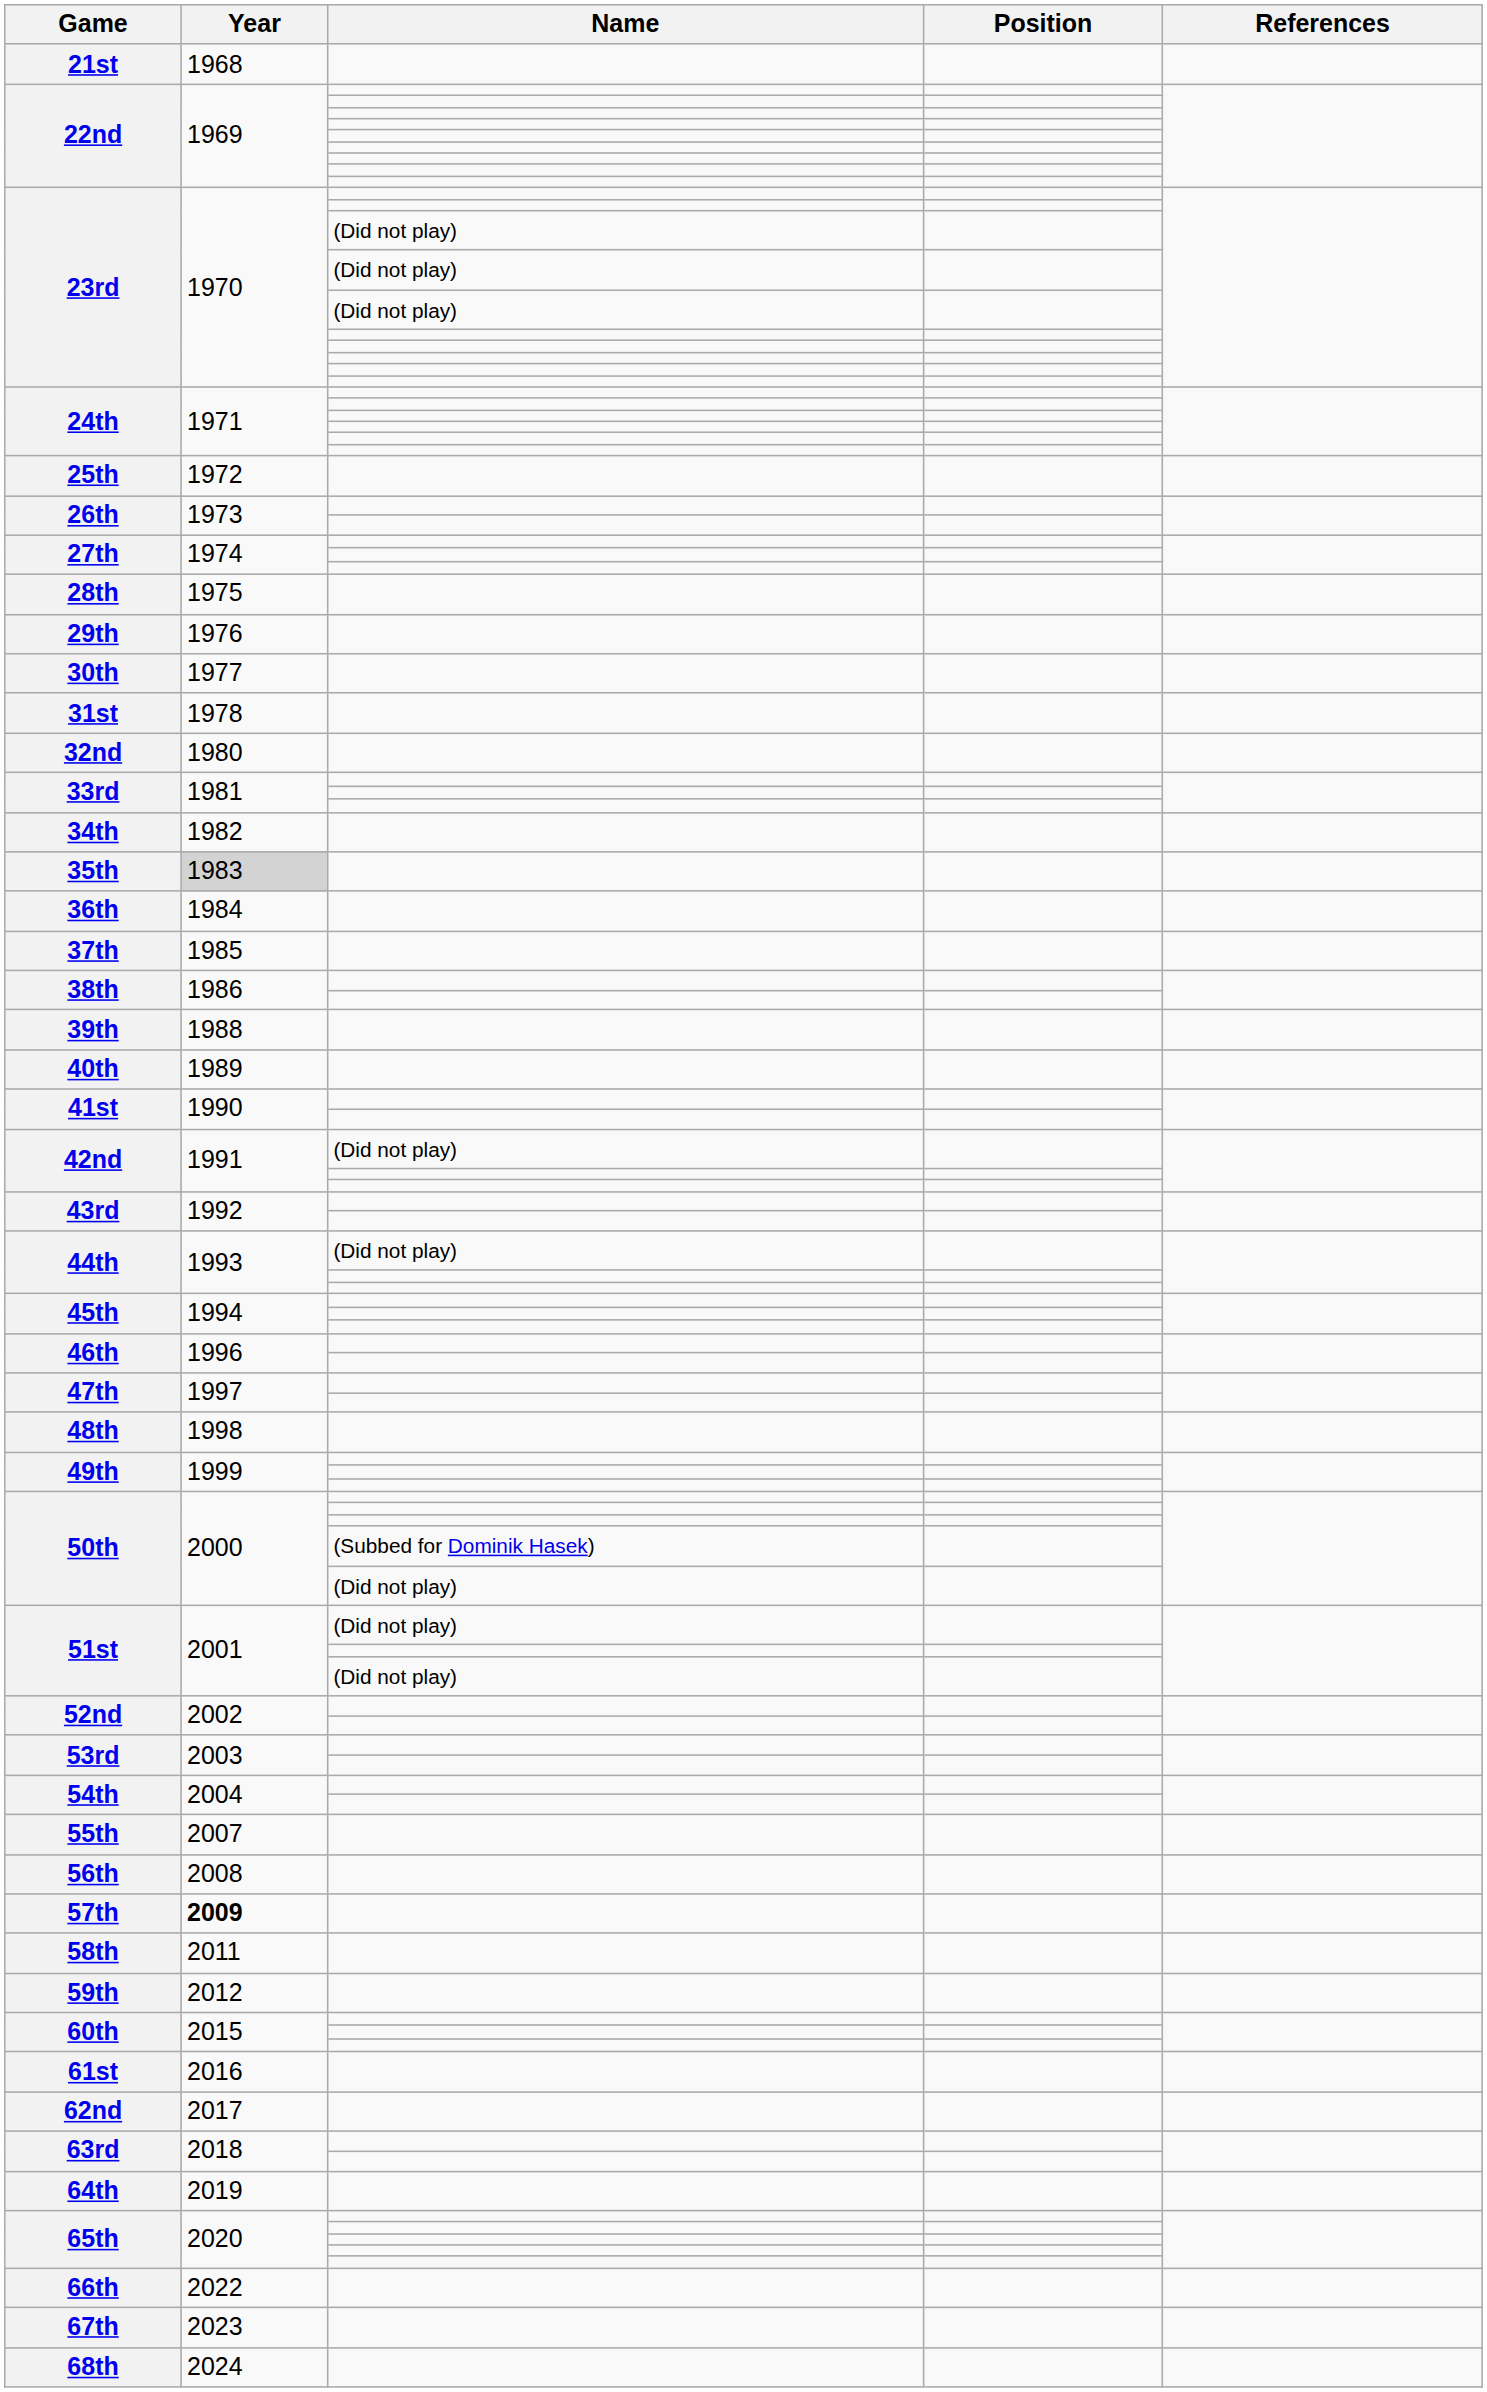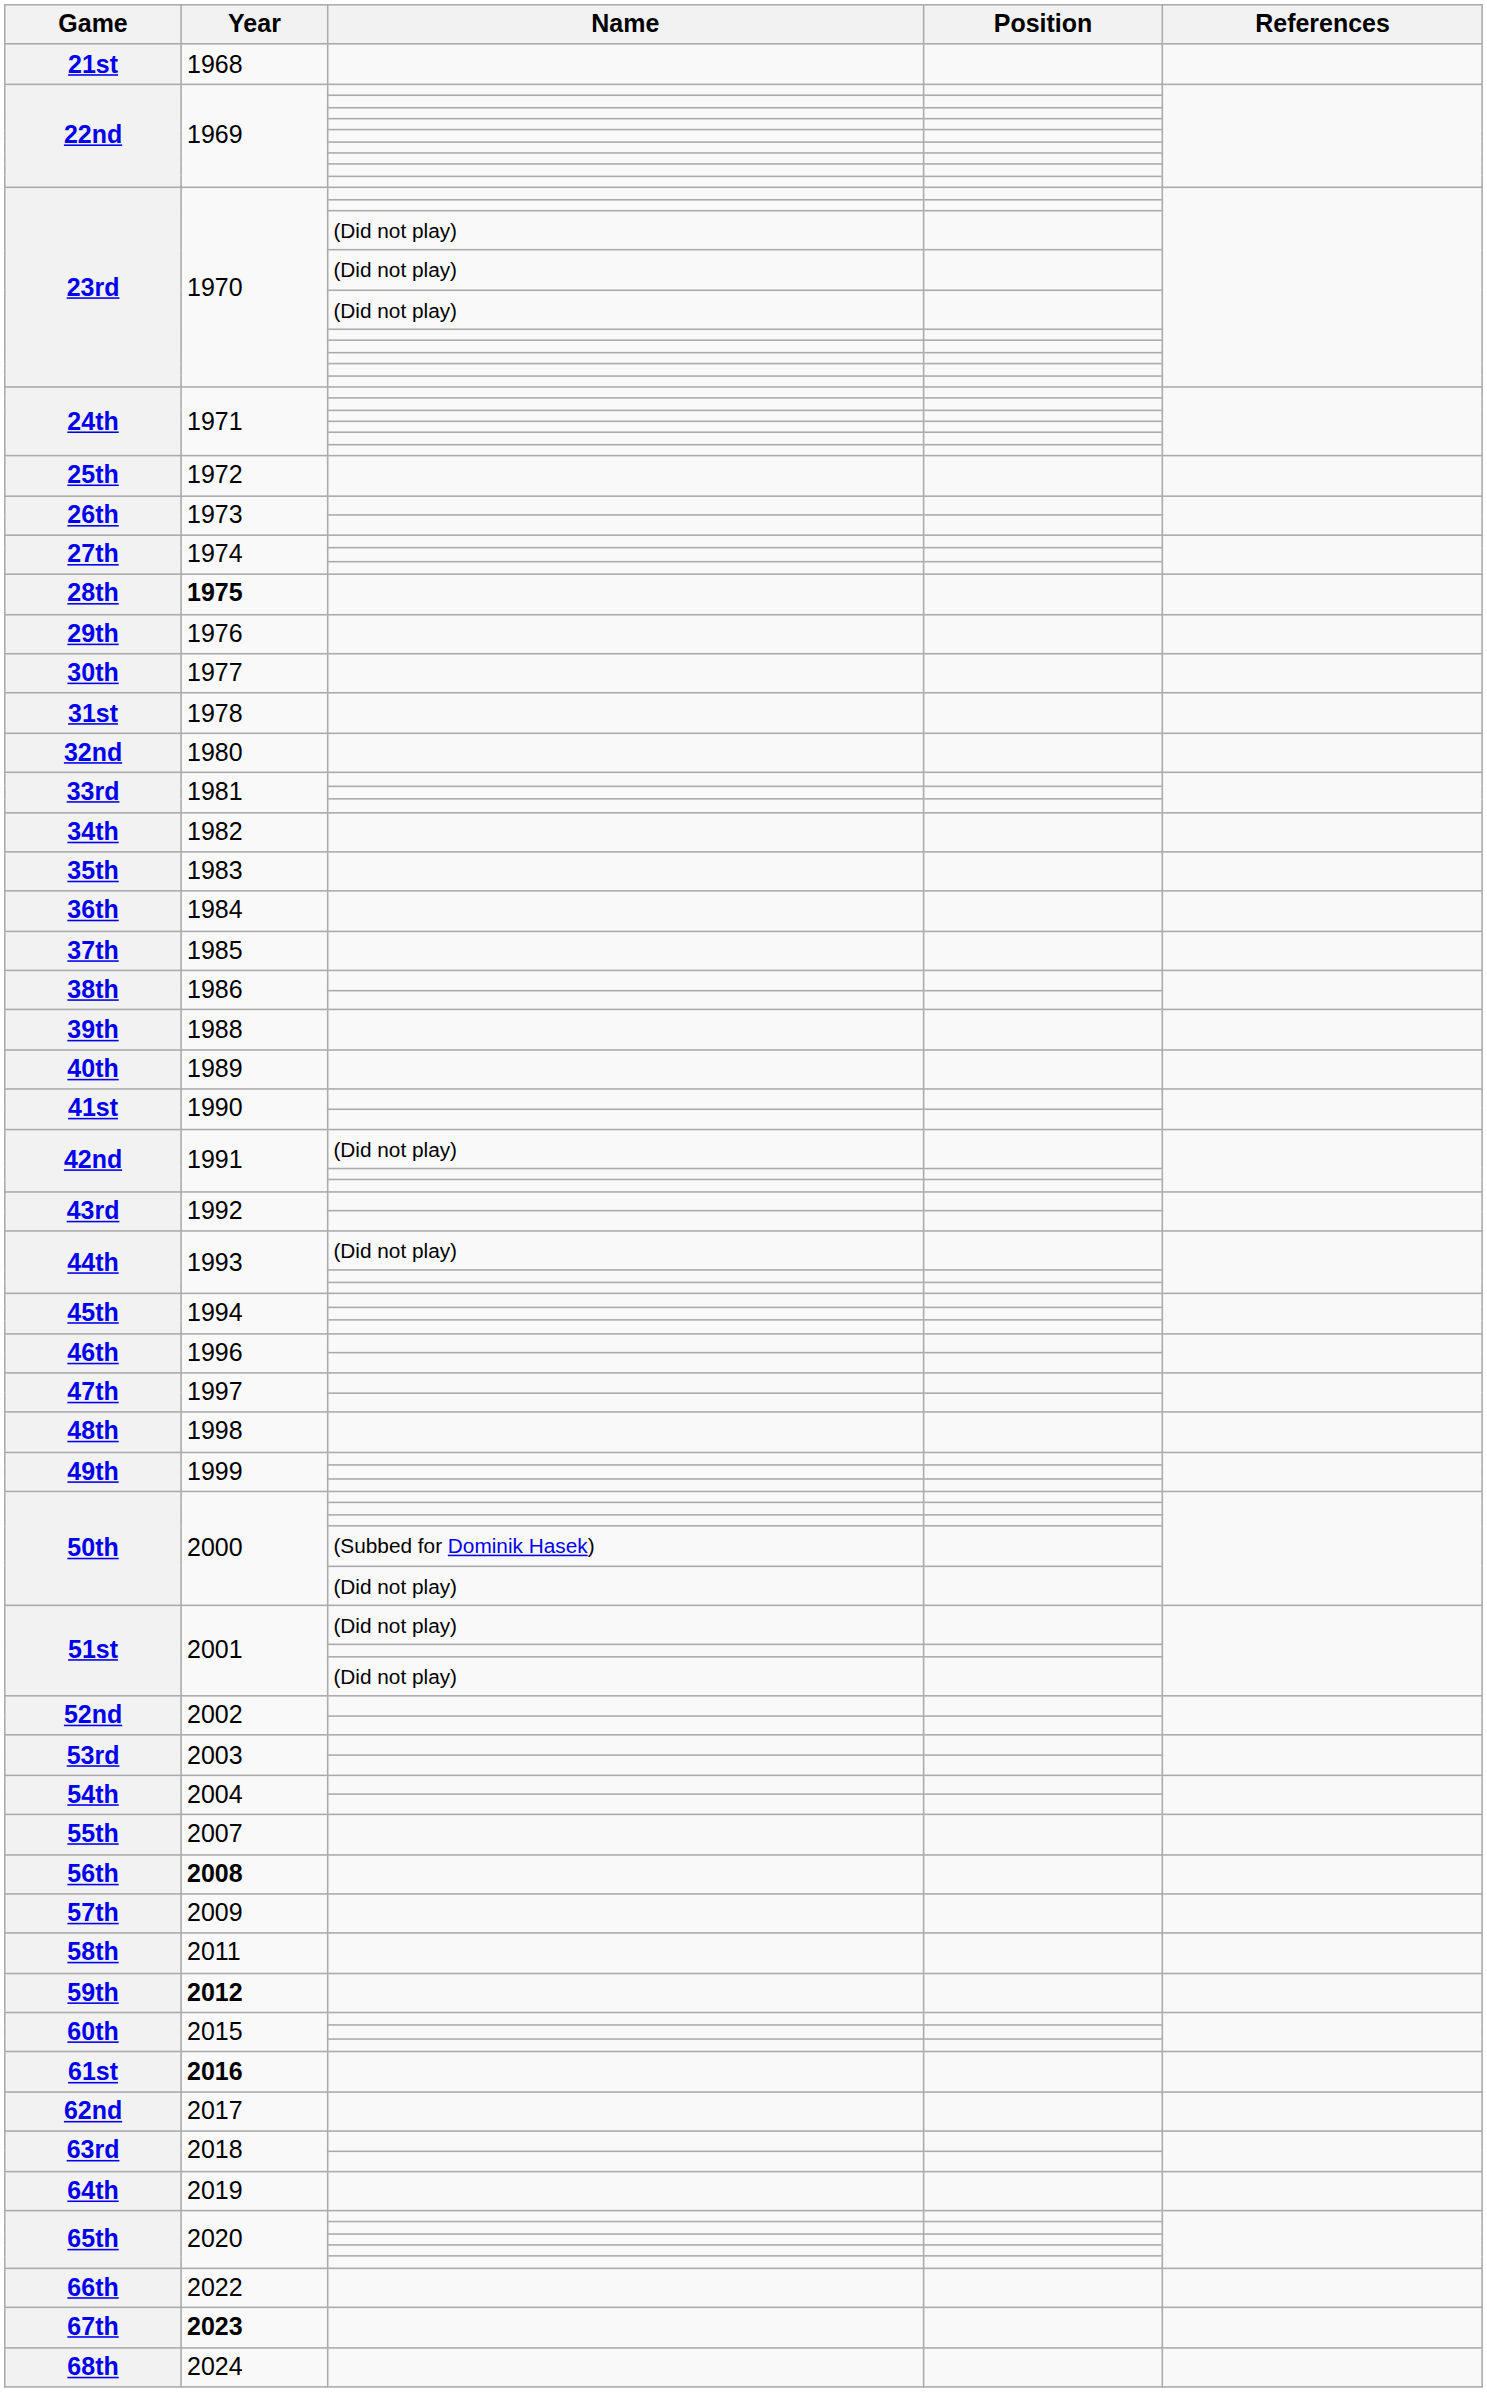 <table class="wikitable sortable" width="75%">
 <tr>
 <th scope="col">Game</th>
 <th scope="col">Year</th>
 <th scope="col">Name</th>
 <th scope="col">Position</th>
 <th scope="col" class="unsortable">References</th>
 </tr>
 <tr>
 <th scope="row"><a href='#'>21st</a></th>
 <td>1968</td>
 <td></td>
 <td></td>
 <td></td>
 </tr>
 <tr>
 <th scope="row" rowspan="9"><a href='#'>22nd</a></th>
 <td rowspan="9">1969</td>
 <td></td>
 <td></td>
 <td rowspan="9"></td>
 </tr>
 <tr>
 <td></td>
 <td></td>
 </tr>
 <tr>
 <td></td>
 <td></td>
 </tr>
 <tr>
 <td></td>
 <td></td>
 </tr>
 <tr>
 <td></td>
 <td></td>
 </tr>
 <tr>
 <td></td>
 <td></td>
 </tr>
 <tr>
 <td></td>
 <td></td>
 </tr>
 <tr>
 <td></td>
 <td></td>
 </tr>
 <tr>
 <td></td>
 <td></td>
 </tr>
 <tr>
 <th scope="row" rowspan="10"><a href='#'>23rd</a></th>
 <td rowspan="10">1970</td>
 <td></td>
 <td></td>
 <td rowspan="10"></td>
 </tr>
 <tr>
 <td></td>
 <td></td>
 </tr>
 <tr>
 <td> <small>(Did not play)</small></td>
 <td></td>
 </tr>
 <tr>
 <td> <small>(Did not play)</small></td>
 <td></td>
 </tr>
 <tr>
 <td> <small>(Did not play)</small></td>
 <td></td>
 </tr>
 <tr>
 <td></td>
 <td></td>
 </tr>
 <tr>
 <td></td>
 <td></td>
 </tr>
 <tr>
 <td></td>
 <td></td>
 </tr>
 <tr>
 <td></td>
 <td></td>
 </tr>
 <tr>
 <td></td>
 <td></td>
 </tr>
 <tr>
 <th scope="row" rowspan="6"><a href='#'>24th</a></th>
 <td rowspan="6">1971</td>
 <td></td>
 <td></td>
 <td rowspan="6"></td>
 </tr>
 <tr>
 <td></td>
 <td></td>
 </tr>
 <tr>
 <td></td>
 <td></td>
 </tr>
 <tr>
 <td></td>
 <td></td>
 </tr>
 <tr>
 <td></td>
 <td></td>
 </tr>
 <tr>
 <td></td>
 <td></td>
 </tr>
 <tr>
 <th scope="row"><a href='#'>25th</a></th>
 <td>1972</td>
 <td></td>
 <td></td>
 <td></td>
 </tr>
 <tr>
 <th scope="row" rowspan="2"><a href='#'>26th</a></th>
 <td rowspan="2">1973</td>
 <td></td>
 <td></td>
 <td rowspan="2"></td>
 </tr>
 <tr>
 <td></td>
 <td></td>
 </tr>
 <tr>
 <th scope="row" rowspan="3"><a href='#'>27th</a></th>
 <td rowspan="3">1974</td>
 <td></td>
 <td></td>
 <td rowspan="3"></td>
 </tr>
 <tr>
 <td></td>
 <td></td>
 </tr>
 <tr>
 <td></td>
 <td></td>
 </tr>
 <tr>
 <th scope="row"><a href='#'>28th</a></th>
-<td>1975</td>
+<td><strong>1975</strong></td>
 <td></td>
 <td></td>
 <td></td>
 </tr>
 <tr>
 <th scope="row"><a href='#'>29th</a></th>
 <td>1976</td>
 <td></td>
 <td></td>
 <td></td>
 </tr>
 <tr>
 <th scope="row"><a href='#'>30th</a></th>
 <td>1977</td>
 <td></td>
 <td></td>
 <td></td>
 </tr>
 <tr>
 <th scope="row"><a href='#'>31st</a></th>
 <td>1978</td>
 <td></td>
 <td></td>
 <td></td>
 </tr>
 <tr>
 <th scope="row"><a href='#'>32nd</a></th>
 <td>1980</td>
 <td></td>
 <td></td>
 <td></td>
 </tr>
 <tr>
 <th scope="row" rowspan="3"><a href='#'>33rd</a></th>
 <td rowspan="3">1981</td>
 <td></td>
 <td></td>
 <td rowspan="3"></td>
 </tr>
 <tr>
 <td></td>
 <td></td>
 </tr>
 <tr>
 <td></td>
 <td></td>
 </tr>
 <tr>
 <th scope="row"><a href='#'>34th</a></th>
 <td>1982</td>
 <td></td>
 <td></td>
 <td></td>
 </tr>
 <tr>
 <th scope="row"><a href='#'>35th</a></th>
-<td style="background: lightgrey;">1983</td>
+<td>1983</td>
 <td></td>
 <td></td>
 <td></td>
 </tr>
 <tr>
 <th scope="row"><a href='#'>36th</a></th>
 <td>1984</td>
 <td></td>
 <td></td>
 <td></td>
 </tr>
 <tr>
 <th scope="row"><a href='#'>37th</a></th>
 <td>1985</td>
 <td></td>
 <td></td>
 <td></td>
 </tr>
 <tr>
 <th scope="row" rowspan="2"><a href='#'>38th</a></th>
 <td rowspan="2">1986</td>
 <td></td>
 <td></td>
 <td rowspan="2"></td>
 </tr>
 <tr>
 <td></td>
 <td></td>
 </tr>
 <tr>
 <th scope="row"><a href='#'>39th</a></th>
 <td>1988</td>
 <td></td>
 <td></td>
 <td></td>
 </tr>
 <tr>
 <th scope="row"><a href='#'>40th</a></th>
 <td>1989</td>
 <td></td>
 <td></td>
 <td></td>
 </tr>
 <tr>
 <th scope="row" rowspan="2"><a href='#'>41st</a></th>
 <td rowspan="2">1990</td>
 <td></td>
 <td></td>
 <td rowspan="2"></td>
 </tr>
 <tr>
 <td></td>
 <td></td>
 </tr>
 <tr>
 <th scope="row" rowspan="3"><a href='#'>42nd</a></th>
 <td rowspan="3">1991</td>
 <td> <small>(Did not play)</small></td>
 <td></td>
 <td rowspan="3"></td>
 </tr>
 <tr>
 <td></td>
 <td></td>
 </tr>
 <tr>
 <td></td>
 <td></td>
 </tr>
 <tr>
 <th scope="row" rowspan="2"><a href='#'>43rd</a></th>
 <td rowspan="2">1992</td>
 <td></td>
 <td></td>
 <td rowspan="2"></td>
 </tr>
 <tr>
 <td></td>
 <td></td>
 </tr>
 <tr>
 <th scope="row" rowspan="3"><a href='#'>44th</a></th>
 <td rowspan="3">1993</td>
 <td> <small>(Did not play)</small></td>
 <td></td>
 <td rowspan="3"></td>
 </tr>
 <tr>
 <td></td>
 <td></td>
 </tr>
 <tr>
 <td></td>
 <td></td>
 </tr>
 <tr>
 <th scope="row" rowspan="3"><a href='#'>45th</a></th>
 <td rowspan="3">1994</td>
 <td></td>
 <td></td>
 <td rowspan="3"></td>
 </tr>
 <tr>
 <td></td>
 <td></td>
 </tr>
 <tr>
 <td></td>
 <td></td>
 </tr>
 <tr>
 <th scope="row" rowspan="2"><a href='#'>46th</a></th>
 <td rowspan="2">1996</td>
 <td></td>
 <td></td>
 <td rowspan="2"></td>
 </tr>
 <tr>
 <td></td>
 <td></td>
 </tr>
 <tr>
 <th scope="row" rowspan="2"><a href='#'>47th</a></th>
 <td rowspan="2">1997</td>
 <td></td>
 <td></td>
 <td rowspan="2"></td>
 </tr>
 <tr>
 <td></td>
 <td></td>
 </tr>
 <tr>
 <th scope="row"><a href='#'>48th</a></th>
 <td>1998</td>
 <td></td>
 <td></td>
 <td></td>
 </tr>
 <tr>
 <th scope="row" rowspan="3"><a href='#'>49th</a></th>
 <td rowspan="3">1999</td>
 <td></td>
 <td></td>
 <td rowspan="3"></td>
 </tr>
 <tr>
 <td></td>
 <td></td>
 </tr>
 <tr>
 <td></td>
 <td></td>
 </tr>
 <tr>
 <th scope="row" rowspan="5"><a href='#'>50th</a></th>
 <td rowspan="5">2000</td>
 <td></td>
 <td></td>
 <td rowspan="5"></td>
 </tr>
 <tr>
 <td></td>
 <td></td>
 </tr>
 <tr>
 <td></td>
 <td></td>
 </tr>
 <tr>
 <td> <small>(Subbed for <a href='#'>Dominik Hasek</a>)</small></td>
 <td></td>
 </tr>
 <tr>
 <td> <small>(Did not play)</small></td>
 <td></td>
 </tr>
 <tr>
 <th scope="row" rowspan="3"><a href='#'>51st</a></th>
 <td rowspan="3">2001</td>
 <td> <small>(Did not play)</small></td>
 <td></td>
 <td rowspan="3"></td>
 </tr>
 <tr>
 <td></td>
 <td></td>
 </tr>
 <tr>
 <td> <small>(Did not play)</small></td>
 <td></td>
 </tr>
 <tr>
 <th scope="row" rowspan="2"><a href='#'>52nd</a></th>
 <td rowspan="2">2002</td>
 <td></td>
 <td></td>
 <td rowspan="2"></td>
 </tr>
 <tr>
 <td></td>
 <td></td>
 </tr>
 <tr>
 <th scope="row" rowspan="2"><a href='#'>53rd</a></th>
 <td rowspan="2">2003</td>
 <td></td>
 <td></td>
 <td rowspan="2"></td>
 </tr>
 <tr>
 <td></td>
 <td></td>
 </tr>
 <tr>
 <th scope="row" rowspan="2"><a href='#'>54th</a></th>
 <td rowspan="2">2004</td>
 <td></td>
 <td></td>
 <td rowspan="2"></td>
 </tr>
 <tr>
 <td></td>
 <td></td>
 </tr>
 <tr>
 <th scope="row"><a href='#'>55th</a></th>
 <td>2007</td>
 <td></td>
 <td></td>
 <td></td>
 </tr>
 <tr>
 <th scope="row"><a href='#'>56th</a></th>
-<td>2008</td>
+<td><strong>2008</strong></td>
 <td></td>
 <td></td>
 <td></td>
 </tr>
 <tr>
 <th scope="row"><a href='#'>57th</a></th>
-<td><strong>2009</strong></td>
+<td>2009</td>
 <td></td>
 <td></td>
 <td></td>
 </tr>
 <tr>
 <th scope="row"><a href='#'>58th</a></th>
 <td>2011</td>
 <td></td>
 <td></td>
 <td></td>
 </tr>
 <tr>
 <th scope="row"><a href='#'>59th</a></th>
-<td>2012</td>
+<td><strong>2012</strong></td>
 <td></td>
 <td></td>
 <td></td>
 </tr>
 <tr>
 <th scope="row" rowspan="3"><a href='#'>60th</a></th>
 <td rowspan="3">2015</td>
 <td></td>
 <td></td>
 <td rowspan="3"></td>
 </tr>
 <tr>
 <td></td>
 <td></td>
 </tr>
 <tr>
 <td></td>
 <td></td>
 </tr>
 <tr>
 <th scope="row"><a href='#'>61st</a></th>
-<td>2016</td>
+<td><strong>2016</strong></td>
 <td></td>
 <td></td>
 <td></td>
 </tr>
 <tr>
 <th scope="row"><a href='#'>62nd</a></th>
 <td>2017</td>
 <td></td>
 <td></td>
 <td></td>
 </tr>
 <tr>
 <th scope="row" rowspan="2"><a href='#'>63rd</a></th>
 <td rowspan="2">2018</td>
 <td></td>
 <td></td>
 <td rowspan="2"></td>
 </tr>
 <tr>
 <td></td>
 <td></td>
 </tr>
 <tr>
 <th scope="row"><a href='#'>64th</a></th>
 <td>2019</td>
 <td></td>
 <td></td>
 <td></td>
 </tr>
 <tr>
 <th scope="row" rowspan="5"><a href='#'>65th</a></th>
 <td rowspan="5">2020</td>
 <td></td>
 <td></td>
 <td rowspan="5"></td>
 </tr>
 <tr>
 <td></td>
 <td></td>
 </tr>
 <tr>
 <td></td>
 <td></td>
 </tr>
 <tr>
 <td></td>
 <td></td>
 </tr>
 <tr>
 <td></td>
 <td></td>
 </tr>
 <tr>
 <th scope="row" =><a href='#'>66th</a></th>
 <td>2022</td>
 <td></td>
 <td></td>
 <td></td>
 </tr>
 <tr>
 <th scope="row"><a href='#'>67th</a></th>
-<td>2023</td>
+<td><strong>2023</strong></td>
 <td></td>
 <td></td>
 <td></td>
 </tr>
 <tr>
 <th scope="row"><a href='#'>68th</a></th>
 <td>2024</td>
 <td></td>
 <td></td>
 <td></td>
 </tr>
 </table>
